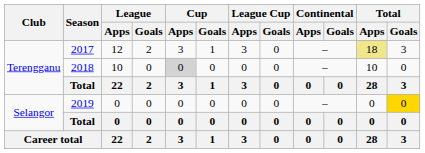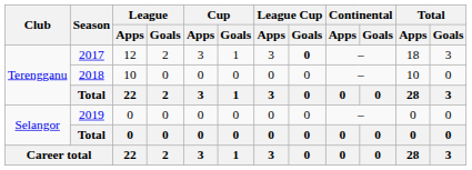 <table class="wikitable" style="text-align: center;">
 <tr>
 <th rowspan="2">Club</th>
 <th rowspan="2">Season</th>
 <th colspan="2">League</th>
 <th colspan="2">Cup</th>
 <th colspan="2">League Cup</th>
 <th colspan="2">Continental</th>
 <th colspan="2">Total</th>
 </tr>
 <tr>
 <th>Apps</th>
 <th>Goals</th>
 <th>Apps</th>
 <th>Goals</th>
 <th>Apps</th>
 <th>Goals</th>
 <th>Apps</th>
 <th>Goals</th>
 <th>Apps</th>
 <th>Goals</th>
 </tr>
 <tr>
 <td rowspan="3" valign="center"><a href='#'>Terengganu</a></td>
 <td><a href='#'>2017</a></td>
 <td>12</td>
 <td>2</td>
 <td>3</td>
 <td>1</td>
 <td>3</td>
-<td>0</td>
+<td><strong>0</strong></td>
 <td colspan="2">–</td>
-<td style="background: khaki;">18</td>
+<td>18</td>
 <td>3</td>
 </tr>
 <tr>
 <td><a href='#'>2018</a></td>
 <td>10</td>
 <td>0</td>
-<td style="background: lightgrey;">0</td>
+<td>0</td>
 <td>0</td>
 <td>0</td>
 <td>0</td>
 <td colspan="2">–</td>
 <td>10</td>
 <td>0</td>
 </tr>
 <tr>
 <th>Total</th>
 <th>22</th>
 <th>2</th>
 <th>3</th>
 <th>1</th>
 <th>3</th>
 <th>0</th>
 <th>0</th>
 <th>0</th>
 <th>28</th>
 <th>3</th>
 </tr>
 <tr>
 <td rowspan="2" valign="center"><a href='#'>Selangor</a></td>
 <td><a href='#'>2019</a></td>
 <td>0</td>
 <td>0</td>
 <td>0</td>
 <td>0</td>
 <td>0</td>
 <td>0</td>
 <td colspan="2">–</td>
 <td>0</td>
-<td style="background: gold;">0</td>
+<td>0</td>
 </tr>
 <tr>
 <th colspan=1>Total</th>
 <th>0</th>
 <th>0</th>
 <th>0</th>
 <th>0</th>
 <th>0</th>
 <th>0</th>
 <th>0</th>
 <th>0</th>
 <th>0</th>
 <th>0</th>
 </tr>
 <tr>
 <th colspan="2">Career total</th>
 <th>22</th>
 <th>2</th>
 <th>3</th>
 <th>1</th>
 <th>3</th>
 <th>0</th>
 <th>0</th>
 <th>0</th>
 <th>28</th>
 <th>3</th>
 </tr>
 </table>
